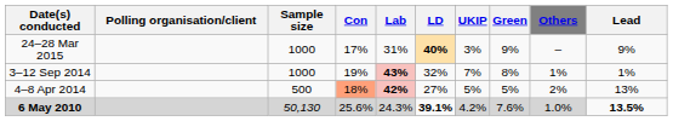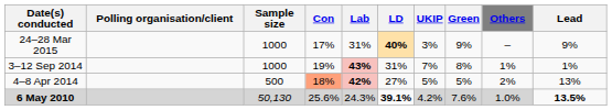 <table class="wikitable sortable" style="text-align:center;font-size:90%;line-height:14px">
 <tr>
 <th ! style="width:100px;">Date(s)<br>conducted</th>
 <th style="width:200px;">Polling organisation/client</th>
 <th class="unsortable" style="width:75px;">Sample size</th>
 <th class="unsortable" style="background:"><a href='#'><span>Con</span></a></th>
 <th class="unsortable" style="background:"><a href='#'><span>Lab</span></a></th>
 <th class="unsortable" style="background:"><a href='#'><span>LD</span></a></th>
 <th class="unsortable" style="background:"><a href='#'><span>UKIP</span></a></th>
 <th class="unsortable" style="background:"><a href='#'><span>Green</span></a></th>
 <th class="unsortable" style="background:gray; width:60px;"><a href='#'><span>Others</span></a></th>
 <th class="unsortable" style="width:90px;">Lead</th>
 </tr>
 <tr>
 <td>24–28 Mar 2015</td>
 <td> </td>
 <td>1000</td>
 <td>17%</td>
 <td>31%</td>
 <td style="background:#FEE1A8"><strong>40%</strong></td>
 <td>3%</td>
 <td>9%</td>
 <td>–</td>
 <td style="background:">9%</td>
 </tr>
 <tr>
 <td>3–12 Sep 2014</td>
 <td> </td>
 <td>1000</td>
 <td>19%</td>
 <td style="background:#F8C1BE"><strong>43%</strong></td>
-<td>32%</td>
+<td>31%</td>
 <td>7%</td>
 <td>8%</td>
 <td>1%</td>
 <td style="background:">1%</td>
 </tr>
 <tr>
 <td>4–8 Apr 2014</td>
 <td> </td>
 <td>500</td>
 <td style="background: lightsalmon;">18%</td>
 <td style="background:#F8C1BE"><strong>42%</strong></td>
 <td>27%</td>
 <td>5%</td>
 <td>5%</td>
 <td>2%</td>
 <td style="background:">13%</td>
 </tr>
 <tr>
 <td style="background:#D5D5D5"><strong>6 May 2010</strong></td>
 <td style="background:#D5D5D5"></td>
 <td style="background:#D5D5D5"><em>50,130</em></td>
 <td style="background:#D5D5D5">25.6%</td>
 <td style="background:#D5D5D5">24.3%</td>
 <td style="background:"><strong>39.1%</strong></td>
 <td style="background:#D5D5D5">4.2%</td>
 <td style="background:#D5D5D5">7.6%</td>
 <td style="background:#D5D5D5">1.0%</td>
 <td style="background:"><strong>13.5% </strong></td>
 </tr>
 </table>
